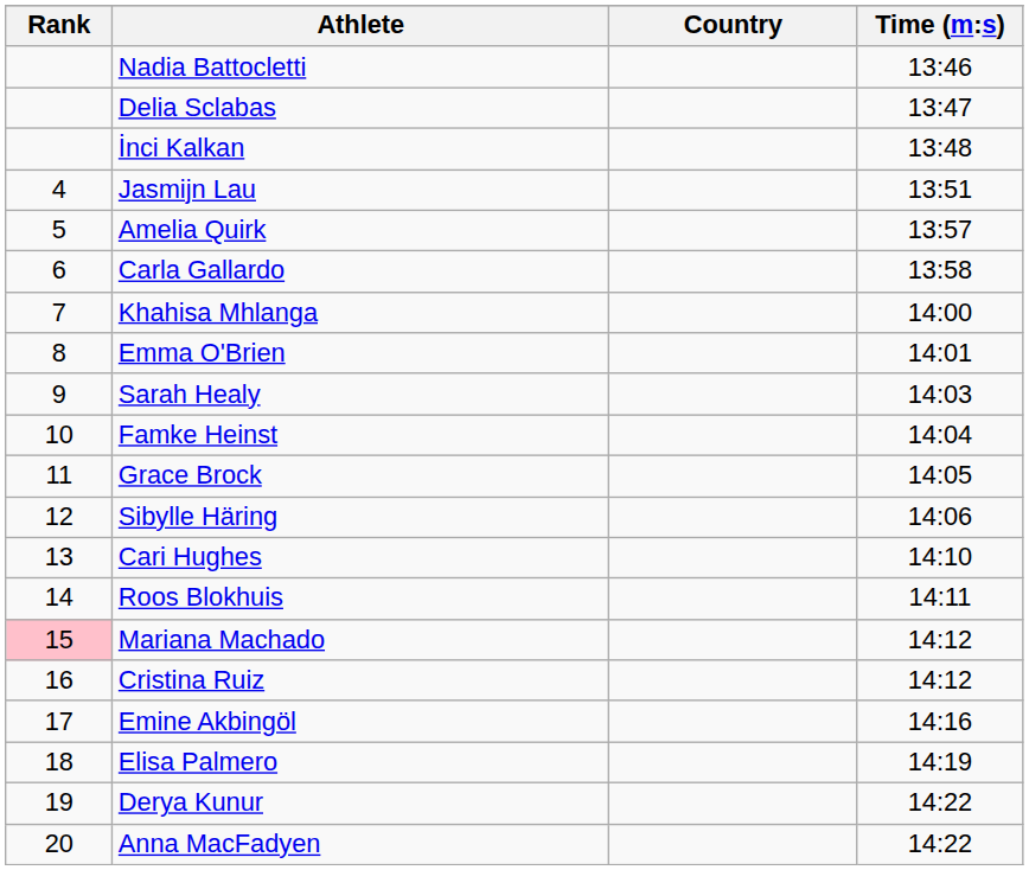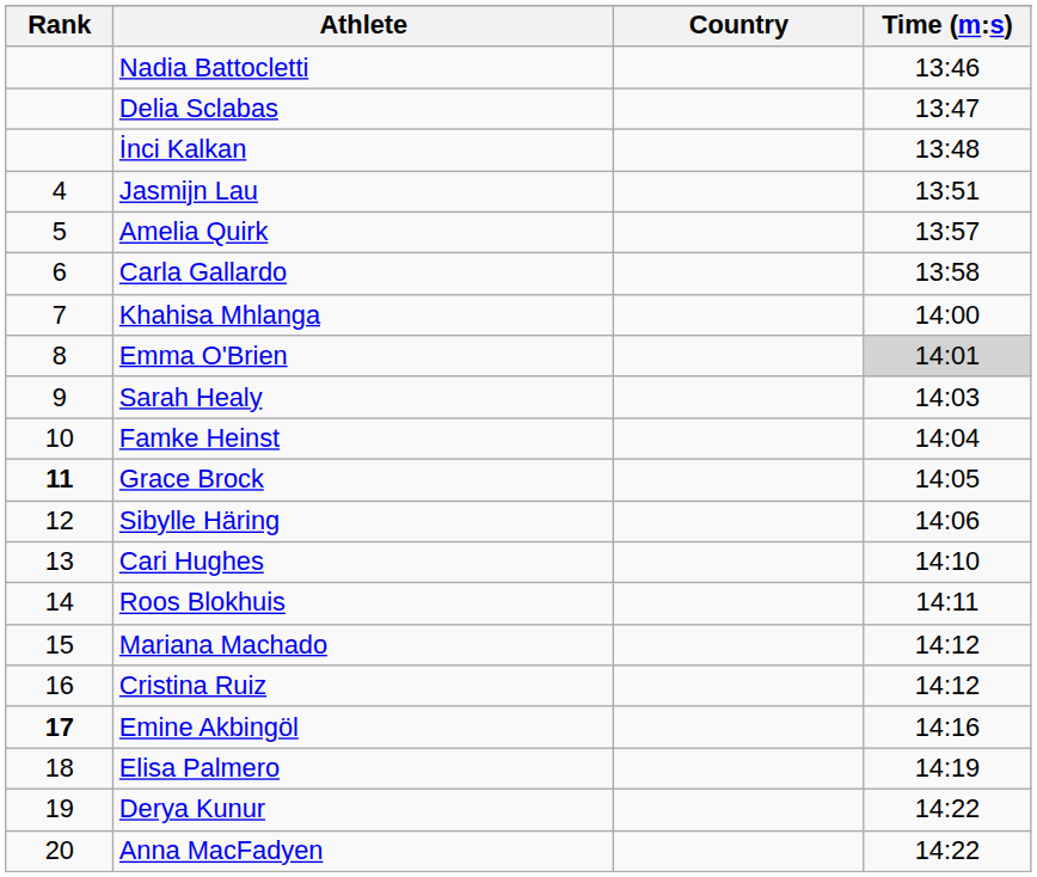 <table class="wikitable" style="text-align:center;" width="50%">
 <tr>
 </tr>
 <tr>
 <th width=5%>Rank</th>
 <th width=30%>Athlete</th>
 <th width=15%>Country</th>
 <th width=10%>Time (<a href='#'>m</a>:<a href='#'>s</a>)</th>
 </tr>
 <tr>
 <td></td>
 <td align=left><a href='#'>Nadia Battocletti</a></td>
 <td align=left></td>
 <td>13:46</td>
 </tr>
 <tr>
 <td></td>
 <td align=left><a href='#'>Delia Sclabas</a></td>
 <td align=left></td>
 <td>13:47</td>
 </tr>
 <tr>
 <td></td>
 <td align=left><a href='#'>İnci Kalkan</a></td>
 <td align=left></td>
 <td>13:48</td>
 </tr>
 <tr>
 <td>4</td>
 <td align=left><a href='#'>Jasmijn Lau</a></td>
 <td align=left></td>
 <td>13:51</td>
 </tr>
 <tr>
 <td>5</td>
 <td align=left><a href='#'>Amelia Quirk</a></td>
 <td align=left></td>
 <td>13:57</td>
 </tr>
 <tr>
 <td>6</td>
 <td align=left><a href='#'>Carla Gallardo</a></td>
 <td align=left></td>
 <td>13:58</td>
 </tr>
 <tr>
 <td>7</td>
 <td align=left><a href='#'>Khahisa Mhlanga</a></td>
 <td align=left></td>
 <td>14:00</td>
 </tr>
 <tr>
 <td>8</td>
 <td align=left><a href='#'>Emma O'Brien</a></td>
 <td align=left></td>
-<td>14:01</td>
+<td style="background: lightgrey;">14:01</td>
 </tr>
 <tr>
 <td>9</td>
 <td align=left><a href='#'>Sarah Healy</a></td>
 <td align=left></td>
 <td>14:03</td>
 </tr>
 <tr>
 <td>10</td>
 <td align=left><a href='#'>Famke Heinst</a></td>
 <td align=left></td>
 <td>14:04</td>
 </tr>
 <tr>
-<td>11</td>
+<td><strong>11</strong></td>
 <td align=left><a href='#'>Grace Brock</a></td>
 <td align=left></td>
 <td>14:05</td>
 </tr>
 <tr>
 <td>12</td>
 <td align=left><a href='#'>Sibylle Häring</a></td>
 <td align=left></td>
 <td>14:06</td>
 </tr>
 <tr>
 <td>13</td>
 <td align=left><a href='#'>Cari Hughes</a></td>
 <td align=left></td>
 <td>14:10</td>
 </tr>
 <tr>
 <td>14</td>
 <td align=left><a href='#'>Roos Blokhuis</a></td>
 <td align=left></td>
 <td>14:11</td>
 </tr>
 <tr>
-<td style="background: pink;">15</td>
+<td>15</td>
 <td align=left><a href='#'>Mariana Machado</a></td>
 <td align=left></td>
 <td>14:12</td>
 </tr>
 <tr>
 <td>16</td>
 <td align=left><a href='#'>Cristina Ruiz</a></td>
 <td align=left></td>
 <td>14:12</td>
 </tr>
 <tr>
-<td>17</td>
+<td><strong>17</strong></td>
 <td align=left><a href='#'>Emine Akbingöl</a></td>
 <td align=left></td>
 <td>14:16</td>
 </tr>
 <tr>
 <td>18</td>
 <td align=left><a href='#'>Elisa Palmero</a></td>
 <td align=left></td>
 <td>14:19</td>
 </tr>
 <tr>
 <td>19</td>
 <td align=left><a href='#'>Derya Kunur</a></td>
 <td align=left></td>
 <td>14:22</td>
 </tr>
 <tr>
 <td>20</td>
 <td align=left><a href='#'>Anna MacFadyen</a></td>
 <td align=left></td>
 <td>14:22</td>
 </tr>
 </table>
